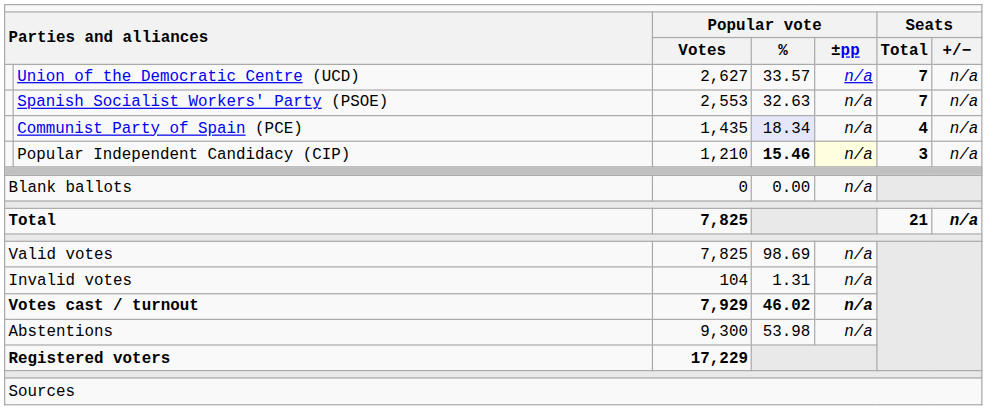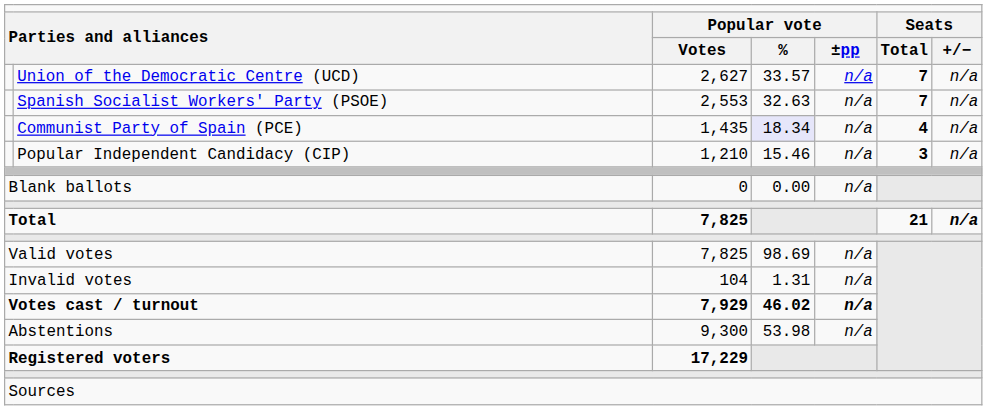 <table class="wikitable" style="text-align:right;">
 <tr>
 <td colspan="7"></td>
 </tr>
 <tr>
 <th style="text-align:left;" rowspan="2" colspan="2" width="525">Parties and alliances</th>
 <th colspan="3">Popular vote</th>
 <th colspan="2">Seats</th>
 </tr>
 <tr>
 <th width="75">Votes</th>
 <th width="45">%</th>
 <th width="45">±<a href='#'>pp</a></th>
 <th width="35">Total</th>
 <th width="35">+/−</th>
 </tr>
 <tr>
 <td width="1" style="color:inherit;background:"></td>
 <td align="left"><a href='#'>Union of the Democratic Centre</a> (UCD)</td>
 <td>2,627</td>
 <td>33.57</td>
 <td><em><a href='#'>n/a</a></em></td>
 <td><strong>7</strong></td>
 <td><em>n/a</em></td>
 </tr>
 <tr>
 <td style="color:inherit;background:"></td>
 <td align="left"><a href='#'>Spanish Socialist Workers' Party</a> (PSOE)</td>
 <td>2,553</td>
 <td>32.63</td>
 <td><em>n/a</em></td>
 <td><strong>7</strong></td>
 <td><em>n/a</em></td>
 </tr>
 <tr>
 <td style="color:inherit;background:"></td>
 <td align="left"><a href='#'>Communist Party of Spain</a> (PCE)</td>
 <td>1,435</td>
 <td style="background: lavender;">18.34</td>
 <td><em>n/a</em></td>
 <td><strong>4</strong></td>
 <td><em>n/a</em></td>
 </tr>
 <tr>
 <td style="color:inherit;background:"></td>
 <td align="left">Popular Independent Candidacy (CIP)</td>
 <td>1,210</td>
-<td><strong>15.46</strong></td>
-<td style="background: lightyellow;"><em>n/a</em></td>
+<td>15.46</td>
+<td><em>n/a</em></td>
 <td><strong>3</strong></td>
 <td><em>n/a</em></td>
 </tr>
 <tr>
 <td colspan="7" bgcolor="#C0C0C0"></td>
 </tr>
 <tr>
 <td align="left" colspan="2">Blank ballots</td>
 <td>0</td>
 <td>0.00</td>
 <td><em>n/a</em></td>
 <td bgcolor="#E9E9E9" colspan="2"></td>
 </tr>
 <tr>
 <td colspan="7" bgcolor="#E9E9E9"></td>
 </tr>
 <tr style="font-weight:bold;">
 <td align="left" colspan="2">Total</td>
 <td>7,825</td>
 <td bgcolor="#E9E9E9" colspan="2"></td>
 <td>21</td>
 <td><em>n/a</em></td>
 </tr>
 <tr>
 <td colspan="7" bgcolor="#E9E9E9"></td>
 </tr>
 <tr>
 <td align="left" colspan="2">Valid votes</td>
 <td>7,825</td>
 <td>98.69</td>
 <td><em>n/a</em></td>
 <td bgcolor="#E9E9E9" colspan="2" rowspan="5"></td>
 </tr>
 <tr>
 <td align="left" colspan="2">Invalid votes</td>
 <td>104</td>
 <td>1.31</td>
 <td><em>n/a</em></td>
 </tr>
 <tr style="font-weight:bold;">
 <td align="left" colspan="2">Votes cast / turnout</td>
 <td>7,929</td>
 <td>46.02</td>
 <td><em>n/a</em></td>
 </tr>
 <tr>
 <td align="left" colspan="2">Abstentions</td>
 <td>9,300</td>
 <td>53.98</td>
 <td><em>n/a</em></td>
 </tr>
 <tr style="font-weight:bold;">
 <td align="left" colspan="2">Registered voters</td>
 <td>17,229</td>
 <td bgcolor="#E9E9E9" colspan="2"></td>
 </tr>
 <tr>
 <td colspan="7" bgcolor="#E9E9E9"></td>
 </tr>
 <tr>
 <td align="left" colspan="7">Sources</td>
 </tr>
 </table>
